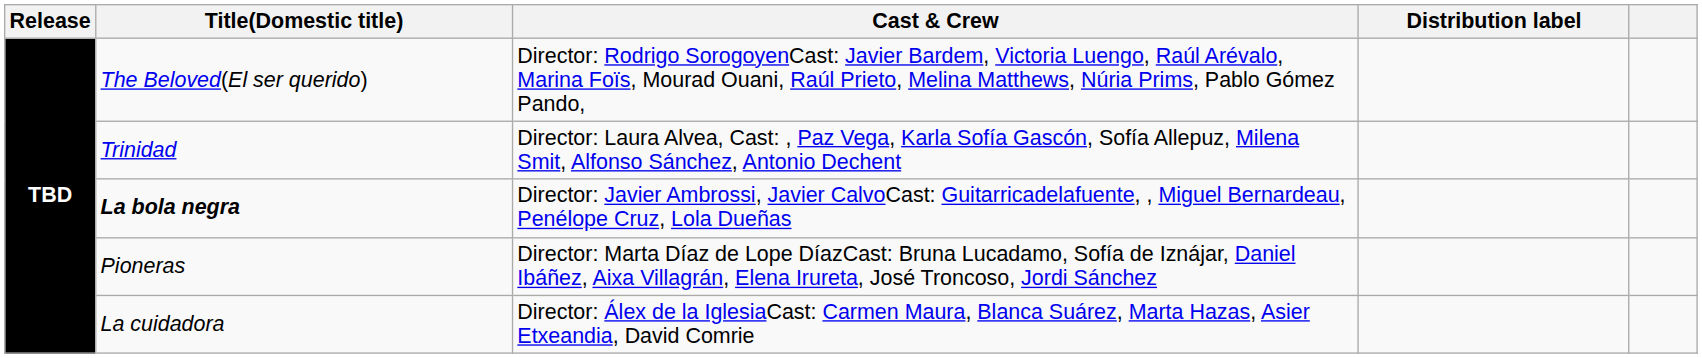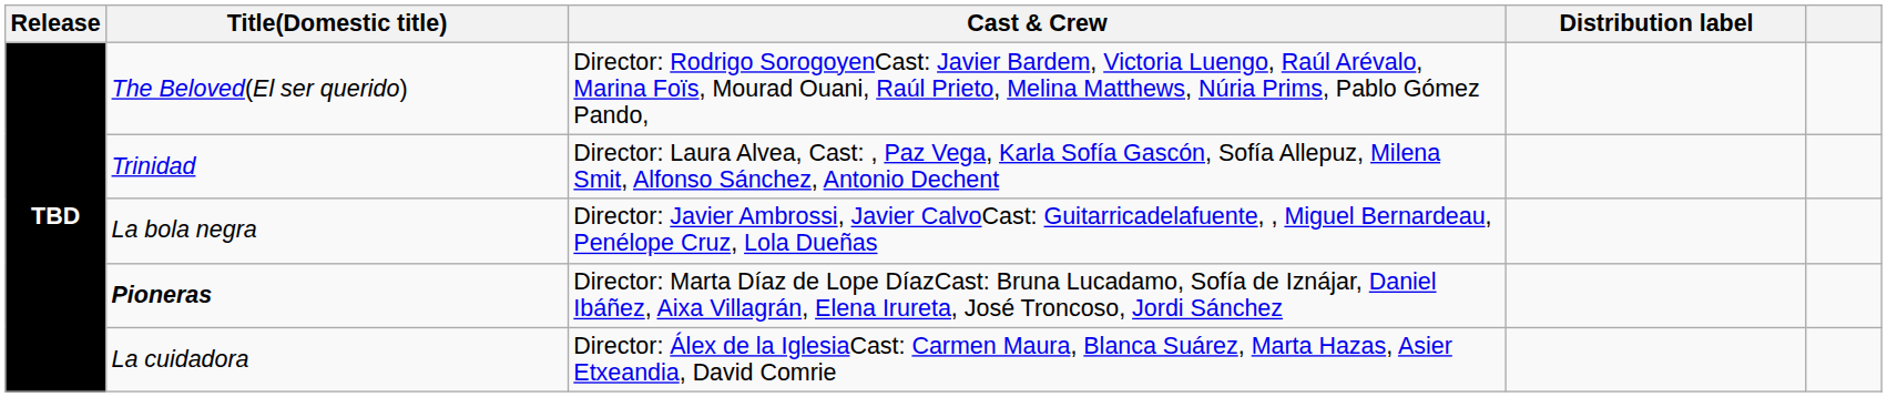 <table class="wikitable sortable" style="width:100%;">
 <tr>
 <th colspan="2" style="width:5%;">Release</th>
 <th>Title(Domestic title)</th>
 <th style="width:50%;">Cast & Crew</th>
 <th style="width:16%;">Distribution label</th>
 <th style="width:4%;" class = "unsortable"></th>
 </tr>
 <tr>
 <td rowspan = "78" align = "center" colspan = "2" style="background: black; color: white;"><strong>TBD</strong></td>
 <td><em><a href='#'>The Beloved</a></em>(<em>El ser querido</em>)</td>
 <td>Director: <a href='#'>Rodrigo Sorogoyen</a>Cast: <a href='#'>Javier Bardem</a>, <a href='#'>Victoria Luengo</a>, <a href='#'>Raúl Arévalo</a>, <a href='#'>Marina Foïs</a>, Mourad Ouani, <a href='#'>Raúl Prieto</a>, <a href='#'>Melina Matthews</a>, <a href='#'>Núria Prims</a>, Pablo Gómez Pando, </td>
 <td></td>
 <td></td>
 </tr>
 <tr>
 <td><em><a href='#'>Trinidad</a></em></td>
 <td>Director: Laura Alvea, Cast: , <a href='#'>Paz Vega</a>, <a href='#'>Karla Sofía Gascón</a>, Sofía Allepuz, <a href='#'>Milena Smit</a>, <a href='#'>Alfonso Sánchez</a>, <a href='#'>Antonio Dechent</a></td>
 <td></td>
 <td></td>
 </tr>
 <tr>
-<td><strong><em>La bola negra</em></strong></td>
+<td><em>La bola negra</em></td>
 <td>Director: <a href='#'>Javier Ambrossi</a>, <a href='#'>Javier Calvo</a>Cast: <a href='#'>Guitarricadelafuente</a>, , <a href='#'>Miguel Bernardeau</a>, <a href='#'>Penélope Cruz</a>, <a href='#'>Lola Dueñas</a></td>
 <td></td>
 <td></td>
 </tr>
 <tr>
-<td> <em>Pioneras</em></td>
+<td><strong> <em>Pioneras</em></strong></td>
 <td>Director: Marta Díaz de Lope DíazCast: Bruna Lucadamo, Sofía de Iznájar, <a href='#'>Daniel Ibáñez</a>, <a href='#'>Aixa Villagrán</a>, <a href='#'>Elena Irureta</a>, José Troncoso, <a href='#'>Jordi Sánchez</a></td>
 <td></td>
 <td></td>
 </tr>
 <tr>
 <td><em>La cuidadora</em></td>
 <td>Director: <a href='#'>Álex de la Iglesia</a>Cast: <a href='#'>Carmen Maura</a>, <a href='#'>Blanca Suárez</a>, <a href='#'>Marta Hazas</a>, <a href='#'>Asier Etxeandia</a>, David Comrie</td>
 <td></td>
 <td></td>
 </tr>
 </table>
